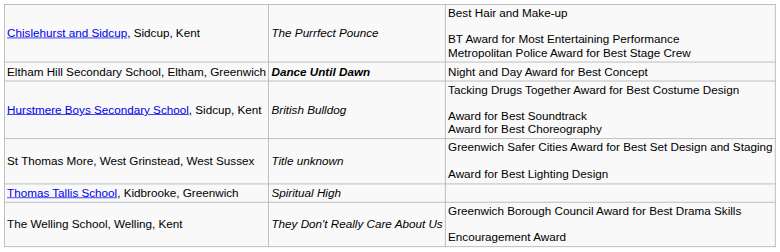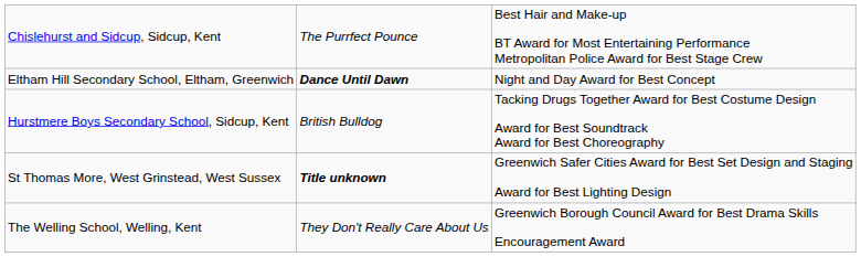 <table class="wikitable">
 <tr>
 <td><a href='#'>Chislehurst and Sidcup</a>, Sidcup, Kent</td>
 <td><em>The Purrfect Pounce</em></td>
 <td>Best Hair and Make-up<br><br>BT Award for Most Entertaining Performance<br> Metropolitan Police Award for Best Stage Crew</td>
 </tr>
 <tr>
 <td>Eltham Hill Secondary School, Eltham, Greenwich</td>
 <td><strong><em>Dance Until Dawn</em></strong></td>
 <td>Night and Day Award for Best Concept</td>
 </tr>
 <tr>
 <td><a href='#'>Hurstmere Boys Secondary School</a>, Sidcup, Kent</td>
 <td><em>British Bulldog</em></td>
 <td>Tacking Drugs Together Award for Best Costume Design<br><br>Award for Best Soundtrack<br> Award for Best Choreography</td>
 </tr>
 <tr>
 <td>St Thomas More, West Grinstead, West Sussex</td>
-<td><em>Title unknown</em></td>
+<td><strong><em>Title unknown</em></strong></td>
 <td>Greenwich Safer Cities Award for Best Set Design and Staging<br><br>Award for Best Lighting Design</td>
-</tr>
-<tr>
-<td><a href='#'>Thomas Tallis School</a>, Kidbrooke, Greenwich</td>
-<td><em>Spiritual High</em></td>
-<td></td>
 </tr>
 <tr>
 <td>The Welling School, Welling, Kent</td>
 <td><em>They Don't Really Care About Us</em></td>
 <td>Greenwich Borough Council Award for Best Drama Skills<br><br>Encouragement Award</td>
 </tr>
 </table>
